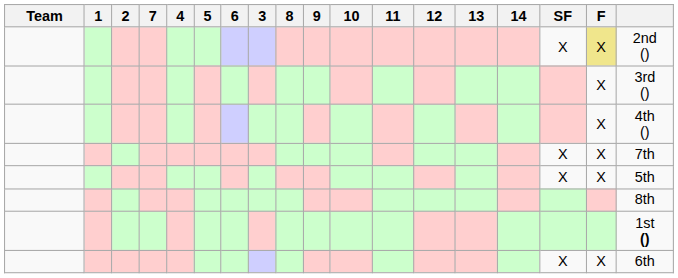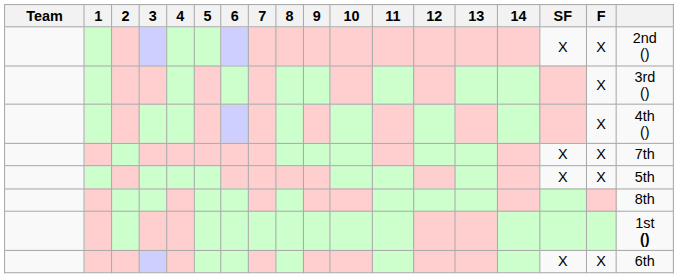 <table class= "wikitable" style="font-size:85%; text-align:center; width:50%">
 <tr>
 <th>Team</th>
 <th>1</th>
 <th>2</th>
-<th>7</th>
+<th>3</th>
 <th>4</th>
 <th>5</th>
 <th>6</th>
-<th>3</th>
+<th>7</th>
 <th>8</th>
 <th>9</th>
 <th>10</th>
 <th>11</th>
 <th>12</th>
 <th>13</th>
 <th>14</th>
 <th>SF</th>
 <th>F</th>
 <th></th>
 </tr>
 <tr>
 <td align="left"></td>
 <td style="background:#cfc;"><strong></strong></td>
 <td style="background:#FFCFCF;"></td>
-<td style="background:#FFCFCF;"></td>
+<td style="background:#CFCFFF;"><em></em></td>
 <td style="background:#cfc;"><strong></strong></td>
 <td style="background:#cfc;"><strong></strong></td>
-<td style="background:#CFCFFF;"><em></em></td>
 <td style="background:#CFCFFF;"><em></em></td>
 <td style="background:#FFCFCF;"></td>
 <td style="background:#FFCFCF;"></td>
 <td style="background:#FFCFCF;"></td>
 <td style="background:#FFCFCF;"></td>
 <td style="background:#FFCFCF;"></td>
 <td style="background:#FFCFCF;"></td>
 <td style="background:#FFCFCF;"></td>
+<td style="background:#FFCFCF;"></td>
 <td>X</td>
-<td style="background: khaki;">X</td>
+<td>X</td>
 <td>2nd<br>()</td>
 </tr>
 <tr>
 <td align="left"></td>
 <td style="background:#cfc;"><strong></strong></td>
 <td style="background:#FFCFCF;"></td>
 <td style="background:#FFCFCF;"></td>
 <td style="background:#cfc;"><strong></strong></td>
 <td style="background:#FFCFCF;"></td>
 <td style="background:#cfc;"><strong></strong></td>
 <td style="background:#FFCFCF;"></td>
 <td style="background:#cfc;"><strong></strong></td>
 <td style="background:#cfc;"><strong></strong></td>
 <td style="background:#FFCFCF;"></td>
 <td style="background:#cfc;"><strong></strong></td>
 <td style="background:#FFCFCF;"></td>
 <td style="background:#cfc;"><strong></strong></td>
 <td style="background:#cfc;"><strong></strong></td>
 <td style="background:#FFCFCF;"></td>
 <td>X</td>
 <td>3rd<br>()</td>
 </tr>
 <tr>
 <td align="left"></td>
 <td style="background:#cfc;"><strong></strong></td>
 <td style="background:#FFCFCF;"></td>
-<td style="background:#FFCFCF;"></td>
+<td style="background:#cfc;"><strong></strong></td>
 <td style="background:#cfc;"><strong></strong></td>
 <td style="background:#FFCFCF;"></td>
 <td style="background:#CFCFFF;"><em></em></td>
-<td style="background:#cfc;"><strong></strong></td>
+<td style="background:#FFCFCF;"></td>
 <td style="background:#cfc;"><strong></strong></td>
 <td style="background:#FFCFCF;"></td>
 <td style="background:#cfc;"><strong></strong></td>
 <td style="background:#FFCFCF;"></td>
 <td style="background:#cfc;"><strong></strong></td>
 <td style="background:#FFCFCF;"></td>
 <td style="background:#cfc;"><strong></strong></td>
 <td style="background:#FFCFCF;"></td>
 <td>X</td>
 <td>4th<br>()</td>
 </tr>
 <tr>
 <td align="left"></td>
 <td style="background:#FFCFCF;"></td>
 <td style="background:#cfc;"><strong></strong></td>
 <td style="background:#FFCFCF;"></td>
 <td style="background:#FFCFCF;"></td>
 <td style="background:#FFCFCF;"></td>
 <td style="background:#FFCFCF;"></td>
 <td style="background:#FFCFCF;"></td>
 <td style="background:#cfc;"><strong></strong></td>
 <td style="background:#cfc;"><strong></strong></td>
 <td style="background:#cfc;"><strong></strong></td>
 <td style="background:#FFCFCF;"></td>
 <td style="background:#cfc;"><strong></strong></td>
 <td style="background:#cfc;"><strong></strong></td>
 <td style="background:#FFCFCF;"></td>
 <td>X</td>
 <td>X</td>
 <td>7th</td>
 </tr>
 <tr>
 <td align="left"></td>
 <td style="background:#cfc;"><strong></strong></td>
 <td style="background:#FFCFCF;"></td>
-<td style="background:#FFCFCF;"></td>
+<td style="background:#cfc;"><strong></strong></td>
 <td style="background:#cfc;"><strong></strong></td>
 <td style="background:#cfc;"><strong></strong></td>
 <td style="background:#FFCFCF;"></td>
-<td style="background:#cfc;"><strong></strong></td>
+<td style="background:#FFCFCF;"></td>
 <td style="background:#FFCFCF;"></td>
 <td style="background:#FFCFCF;"></td>
 <td style="background:#cfc;"><strong></strong></td>
 <td style="background:#cfc;"><strong></strong></td>
 <td style="background:#FFCFCF;"></td>
 <td style="background:#cfc;"><strong></strong></td>
 <td style="background:#FFCFCF;"></td>
 <td>X</td>
 <td>X</td>
 <td>5th</td>
 </tr>
 <tr>
 <td align="left"></td>
 <td style="background:#FFCFCF;"></td>
 <td style="background:#cfc;"><strong></strong></td>
-<td style="background:#FFCFCF;"></td>
+<td style="background:#cfc;"><strong></strong></td>
 <td style="background:#FFCFCF;"></td>
 <td style="background:#cfc;"><strong></strong></td>
 <td style="background:#cfc;"><strong></strong></td>
-<td style="background:#cfc;"><strong></strong></td>
+<td style="background:#FFCFCF;"></td>
 <td style="background:#cfc;"><strong></strong></td>
 <td style="background:#FFCFCF;"></td>
 <td style="background:#FFCFCF;"></td>
 <td style="background:#cfc;"><strong></strong></td>
 <td style="background:#cfc;"><strong></strong></td>
 <td style="background:#cfc;"><strong></strong></td>
 <td style="background:#FFCFCF;"></td>
 <td style="background:#cfc;"><strong></strong></td>
 <td style="background:#FFCFCF;"></td>
 <td>8th</td>
 </tr>
 <tr>
 <td align="left"></td>
 <td style="background:#FFCFCF;"></td>
 <td style="background:#cfc;"><strong></strong></td>
-<td style="background:#cfc;"><strong></strong></td>
+<td style="background:#FFCFCF;"></td>
 <td style="background:#FFCFCF;"></td>
 <td style="background:#cfc;"><strong></strong></td>
 <td style="background:#cfc;"><strong></strong></td>
-<td style="background:#FFCFCF;"></td>
+<td style="background:#cfc;"><strong></strong></td>
 <td style="background:#cfc;"><strong></strong></td>
 <td style="background:#cfc;"><strong></strong></td>
 <td style="background:#cfc;"><strong></strong></td>
 <td style="background:#cfc;"><strong></strong></td>
 <td style="background:#FFCFCF;"></td>
 <td style="background:#FFCFCF;"></td>
 <td style="background:#cfc;"><strong></strong></td>
 <td style="background:#cfc;"><strong></strong></td>
 <td style="background:#cfc;"><strong></strong></td>
 <td>1st<br><strong>()</strong></td>
 </tr>
 <tr>
 <td align="left"></td>
 <td style="background:#FFCFCF;"></td>
 <td style="background:#FFCFCF;"></td>
-<td style="background:#FFCFCF;"></td>
+<td style="background:#CFCFFF;"><em></em></td>
 <td style="background:#FFCFCF;"></td>
 <td style="background:#cfc;"><strong></strong></td>
 <td style="background:#cfc;"><strong></strong></td>
-<td style="background:#CFCFFF;"><em></em></td>
+<td style="background:#FFCFCF;"></td>
 <td style="background:#cfc;"><strong></strong></td>
 <td style="background:#FFCFCF;"></td>
 <td style="background:#FFCFCF;"></td>
 <td style="background:#cfc;"><strong></strong></td>
 <td style="background:#FFCFCF;"></td>
 <td style="background:#FFCFCF;"></td>
 <td style="background:#cfc;"><strong></strong></td>
 <td>X</td>
 <td>X</td>
 <td>6th</td>
 </tr>
 </table>
